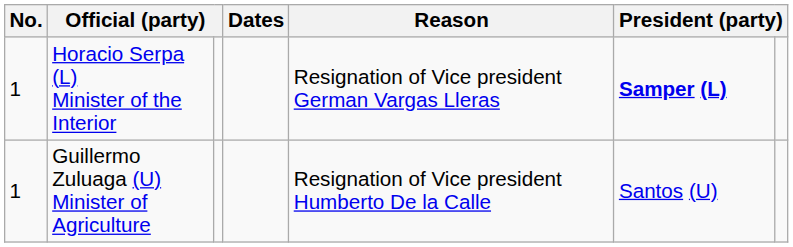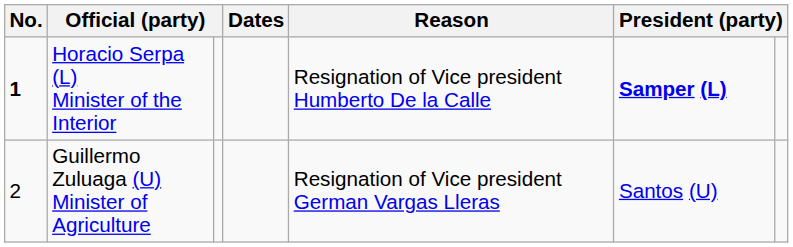 <table class=wikitable>
 <tr>
 <th><abbr>No.</abbr></th>
 <th colspan=2>Official (party)</th>
 <th>Dates</th>
 <th>Reason</th>
 <th colspan=2>President (party)</th>
 </tr>
 <tr>
-<td>1</td>
+<td><strong>1</strong></td>
 <td><a href='#'>Horacio Serpa</a> <a href='#'>(L)</a><br><a href='#'>Minister of the Interior</a></td>
 <td style="background-color:"></td>
 <td nowrap></td>
-<td>Resignation of Vice president <a href='#'>German Vargas Lleras</a></td>
+<td>Resignation of Vice president <a href='#'>Humberto De la Calle</a></td>
 <td><strong><a href='#'>Samper</a> <a href='#'>(L)</a></strong></td>
 <td style="background-color:"></td>
 </tr>
 <tr>
-<td>1</td>
+<td>2</td>
 <td>Guillermo Zuluaga <a href='#'>(U)</a><br><a href='#'>Minister of Agriculture</a></td>
 <td style="background-color:"></td>
 <td nowrap></td>
-<td>Resignation of Vice president <a href='#'>Humberto De la Calle</a></td>
+<td>Resignation of Vice president <a href='#'>German Vargas Lleras</a></td>
 <td><a href='#'>Santos</a> <a href='#'>(U)</a></td>
 <td style="background-color:"></td>
 </tr>
 </table>
